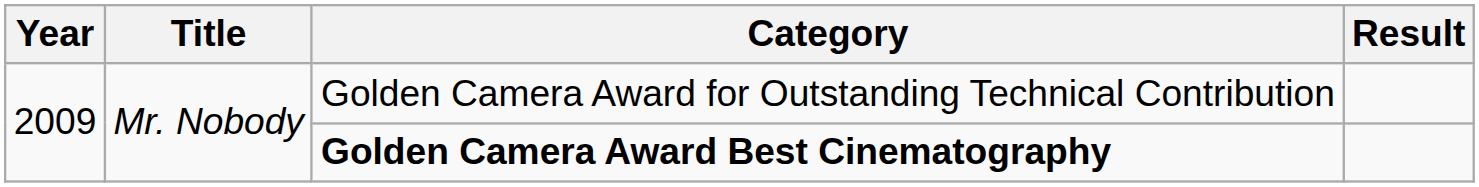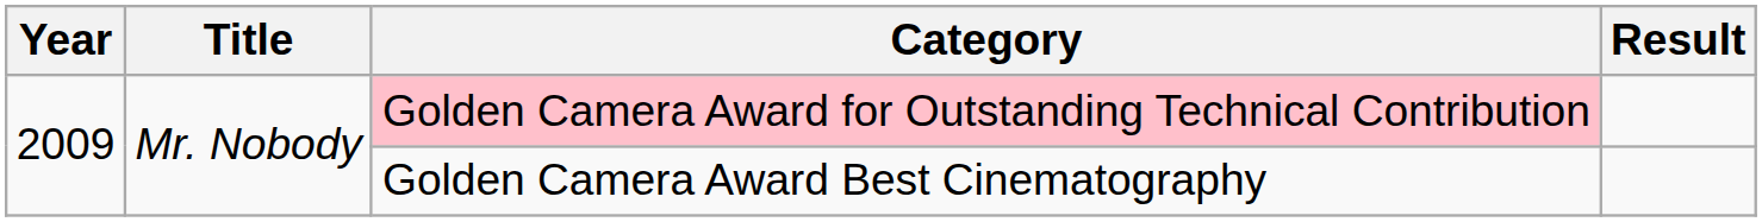 <table class="wikitable">
 <tr>
 <th>Year</th>
 <th>Title</th>
 <th>Category</th>
 <th>Result</th>
 </tr>
 <tr>
 <td rowspan=2>2009</td>
 <td rowspan=2><em>Mr. Nobody</em></td>
-<td>Golden Camera Award for Outstanding Technical Contribution</td>
+<td style="background: pink;">Golden Camera Award for Outstanding Technical Contribution</td>
 <td></td>
 </tr>
 <tr>
-<td><strong>Golden Camera Award Best Cinematography</strong></td>
+<td>Golden Camera Award Best Cinematography</td>
 <td></td>
 </tr>
 </table>
